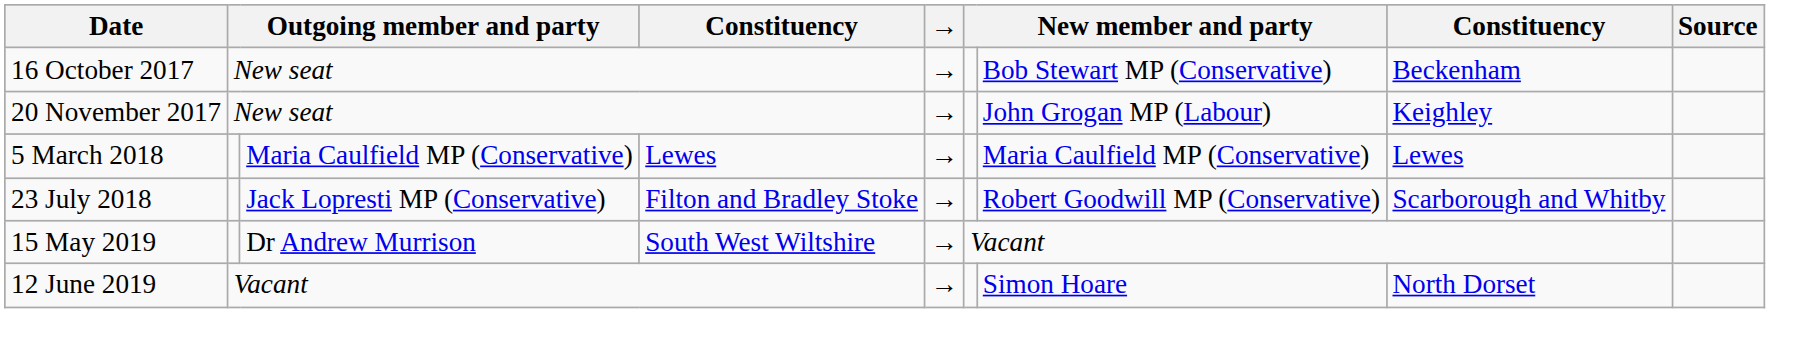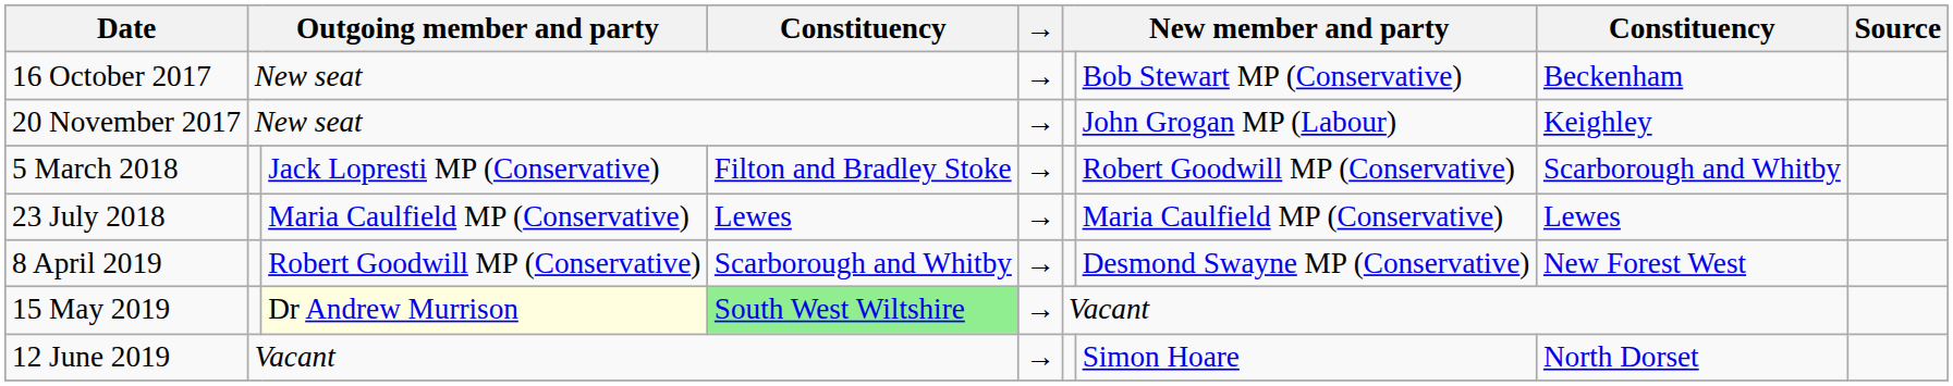 <table class="wikitable">
 <tr>
 <th valign="top">Date</th>
 <th colspan="2" valign="top">Outgoing member and party</th>
 <th valign="top">Constituency</th>
 <th>→</th>
 <th colspan="2" valign="top">New member and party</th>
 <th valign="top">Constituency</th>
 <th valign="top">Source</th>
 </tr>
 <tr>
 <td>16 October 2017</td>
 <td colspan=3><em>New seat</em></td>
 <td>→</td>
 <td style="color:inherit;background:"></td>
 <td><a href='#'>Bob Stewart</a> MP (<a href='#'>Conservative</a>)</td>
 <td><a href='#'>Beckenham</a></td>
 <td></td>
 </tr>
 <tr>
 <td>20 November 2017</td>
 <td colspan=3><em>New seat</em></td>
 <td>→</td>
 <td style="color:inherit;background:"></td>
 <td><a href='#'>John Grogan</a> MP (<a href='#'>Labour</a>)</td>
 <td><a href='#'>Keighley</a></td>
 <td></td>
 </tr>
 <tr>
 <td>5 March 2018</td>
 <td style="color:inherit;background:"></td>
+<td><a href='#'>Jack Lopresti</a> MP (<a href='#'>Conservative</a>)</td>
+<td><a href='#'>Filton and Bradley Stoke</a></td>
+<td>→</td>
+<td style="color:inherit;background:"></td>
+<td><a href='#'>Robert Goodwill</a> MP (<a href='#'>Conservative</a>)</td>
+<td><a href='#'>Scarborough and Whitby</a></td>
+<td></td>
+</tr>
+<tr>
+<td>23 July 2018</td>
+<td style="color:inherit;background:"></td>
 <td><a href='#'>Maria Caulfield</a> MP (<a href='#'>Conservative</a>)</td>
 <td><a href='#'>Lewes</a></td>
 <td>→</td>
 <td style="color:inherit;background:"></td>
 <td><a href='#'>Maria Caulfield</a> MP (<a href='#'>Conservative</a>)</td>
 <td><a href='#'>Lewes</a></td>
 <td></td>
 </tr>
 <tr>
-<td>23 July 2018</td>
-<td style="color:inherit;background:"></td>
-<td><a href='#'>Jack Lopresti</a> MP (<a href='#'>Conservative</a>)</td>
-<td><a href='#'>Filton and Bradley Stoke</a></td>
-<td>→</td>
+<td>8 April 2019</td>
 <td style="color:inherit;background:"></td>
 <td><a href='#'>Robert Goodwill</a> MP (<a href='#'>Conservative</a>)</td>
 <td><a href='#'>Scarborough and Whitby</a></td>
+<td>→</td>
+<td style="color:inherit;background:"></td>
+<td><a href='#'>Desmond Swayne</a> MP (<a href='#'>Conservative</a>)</td>
+<td><a href='#'>New Forest West</a></td>
 <td></td>
 </tr>
 <tr>
 <td>15 May 2019</td>
 <td style="color:inherit;background:"></td>
-<td>Dr <a href='#'>Andrew Murrison</a></td>
-<td><a href='#'>South West Wiltshire</a></td>
+<td style="background: lightyellow;">Dr <a href='#'>Andrew Murrison</a></td>
+<td style="background: lightgreen;"><a href='#'>South West Wiltshire</a></td>
 <td>→</td>
 <td colspan=3><em>Vacant</em></td>
 <td></td>
 </tr>
 <tr>
 <td>12 June 2019</td>
 <td colspan=3><em>Vacant</em></td>
 <td>→</td>
 <td style="color:inherit;background:"></td>
 <td><a href='#'>Simon Hoare</a></td>
 <td><a href='#'>North Dorset</a></td>
 <td></td>
 </tr>
 </table>
